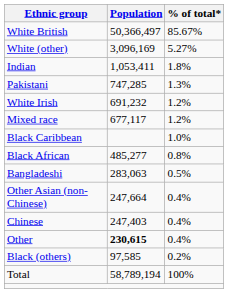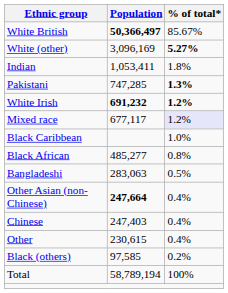 <table class="wikitable sortable">
 <tr>
 <th style="width:140px;"><a href='#'>Ethnic group</a></th>
 <th><a href='#'>Population</a></th>
 <th>% of total*</th>
 </tr>
 <tr>
 <td><a href='#'>White British</a></td>
-<td>50,366,497</td>
+<td><strong>50,366,497</strong></td>
 <td>85.67%</td>
 </tr>
 <tr>
 <td><a href='#'>White (other)</a></td>
 <td>3,096,169</td>
-<td>5.27%</td>
+<td><strong>5.27%</strong></td>
 </tr>
 <tr>
 <td><a href='#'>Indian</a></td>
 <td>1,053,411</td>
 <td>1.8%</td>
 </tr>
 <tr>
 <td><a href='#'>Pakistani</a></td>
 <td>747,285</td>
-<td>1.3%</td>
+<td><strong>1.3%</strong></td>
 </tr>
 <tr>
 <td><a href='#'>White Irish</a></td>
-<td>691,232</td>
-<td>1.2%</td>
+<td><strong>691,232</strong></td>
+<td><strong>1.2%</strong></td>
 </tr>
 <tr>
 <td><a href='#'>Mixed race</a></td>
 <td>677,117</td>
-<td>1.2%</td>
+<td style="background: lavender;">1.2%</td>
 </tr>
 <tr>
 <td><a href='#'>Black Caribbean</a></td>
 <td></td>
 <td>1.0%</td>
 </tr>
 <tr>
 <td><a href='#'>Black African</a></td>
 <td>485,277</td>
 <td>0.8%</td>
 </tr>
 <tr>
 <td><a href='#'>Bangladeshi</a></td>
 <td>283,063</td>
 <td>0.5%</td>
 </tr>
 <tr>
 <td><a href='#'>Other Asian (non-Chinese)</a></td>
-<td>247,664</td>
+<td><strong>247,664</strong></td>
 <td>0.4%</td>
 </tr>
 <tr>
 <td><a href='#'>Chinese</a></td>
 <td>247,403</td>
 <td>0.4%</td>
 </tr>
 <tr>
 <td><a href='#'>Other</a></td>
-<td><strong>230,615</strong></td>
+<td>230,615</td>
 <td>0.4%</td>
 </tr>
 <tr>
 <td><a href='#'>Black (others)</a></td>
 <td>97,585</td>
 <td>0.2%</td>
 </tr>
 <tr>
 <td>Total</td>
 <td>58,789,194</td>
 <td>100%</td>
 </tr>
 <tr>
 <td colspan="3"></td>
 </tr>
 </table>
